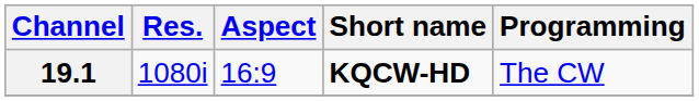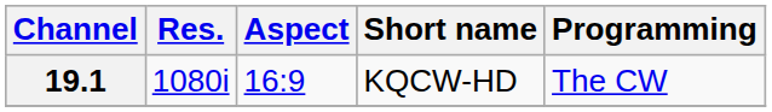 <table class="wikitable">
 <tr>
 <th scope = "col"><a href='#'>Channel</a></th>
 <th scope = "col"><a href='#'>Res.</a></th>
 <th scope = "col"><a href='#'>Aspect</a></th>
 <th scope = "col">Short name</th>
 <th scope = "col">Programming</th>
 </tr>
 <tr>
 <th scope = "row">19.1</th>
 <td><a href='#'>1080i</a></td>
 <td><a href='#'>16:9</a></td>
-<td><strong>KQCW-HD</strong></td>
+<td>KQCW-HD</td>
 <td><a href='#'>The CW</a></td>
 </tr>
 <tr>
 </tr>
 </table>
